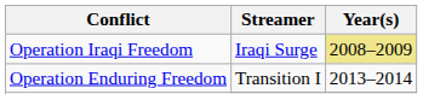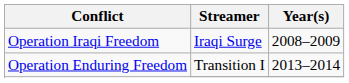 <table class="wikitable">
 <tr style="background:#efefef;">
 <th>Conflict</th>
 <th>Streamer</th>
 <th>Year(s)</th>
 </tr>
 <tr>
 <td rowspan="1"><a href='#'>Operation Iraqi Freedom</a><br> </td>
 <td><a href='#'>Iraqi Surge</a></td>
-<td style="background: khaki;">2008–2009</td>
+<td>2008–2009</td>
 </tr>
 <tr>
 <td rowspan="2"><a href='#'>Operation Enduring Freedom</a> <br> </td>
 <td>Transition I</td>
 <td>2013–2014</td>
 </tr>
 <tr>
 </tr>
 </table>
